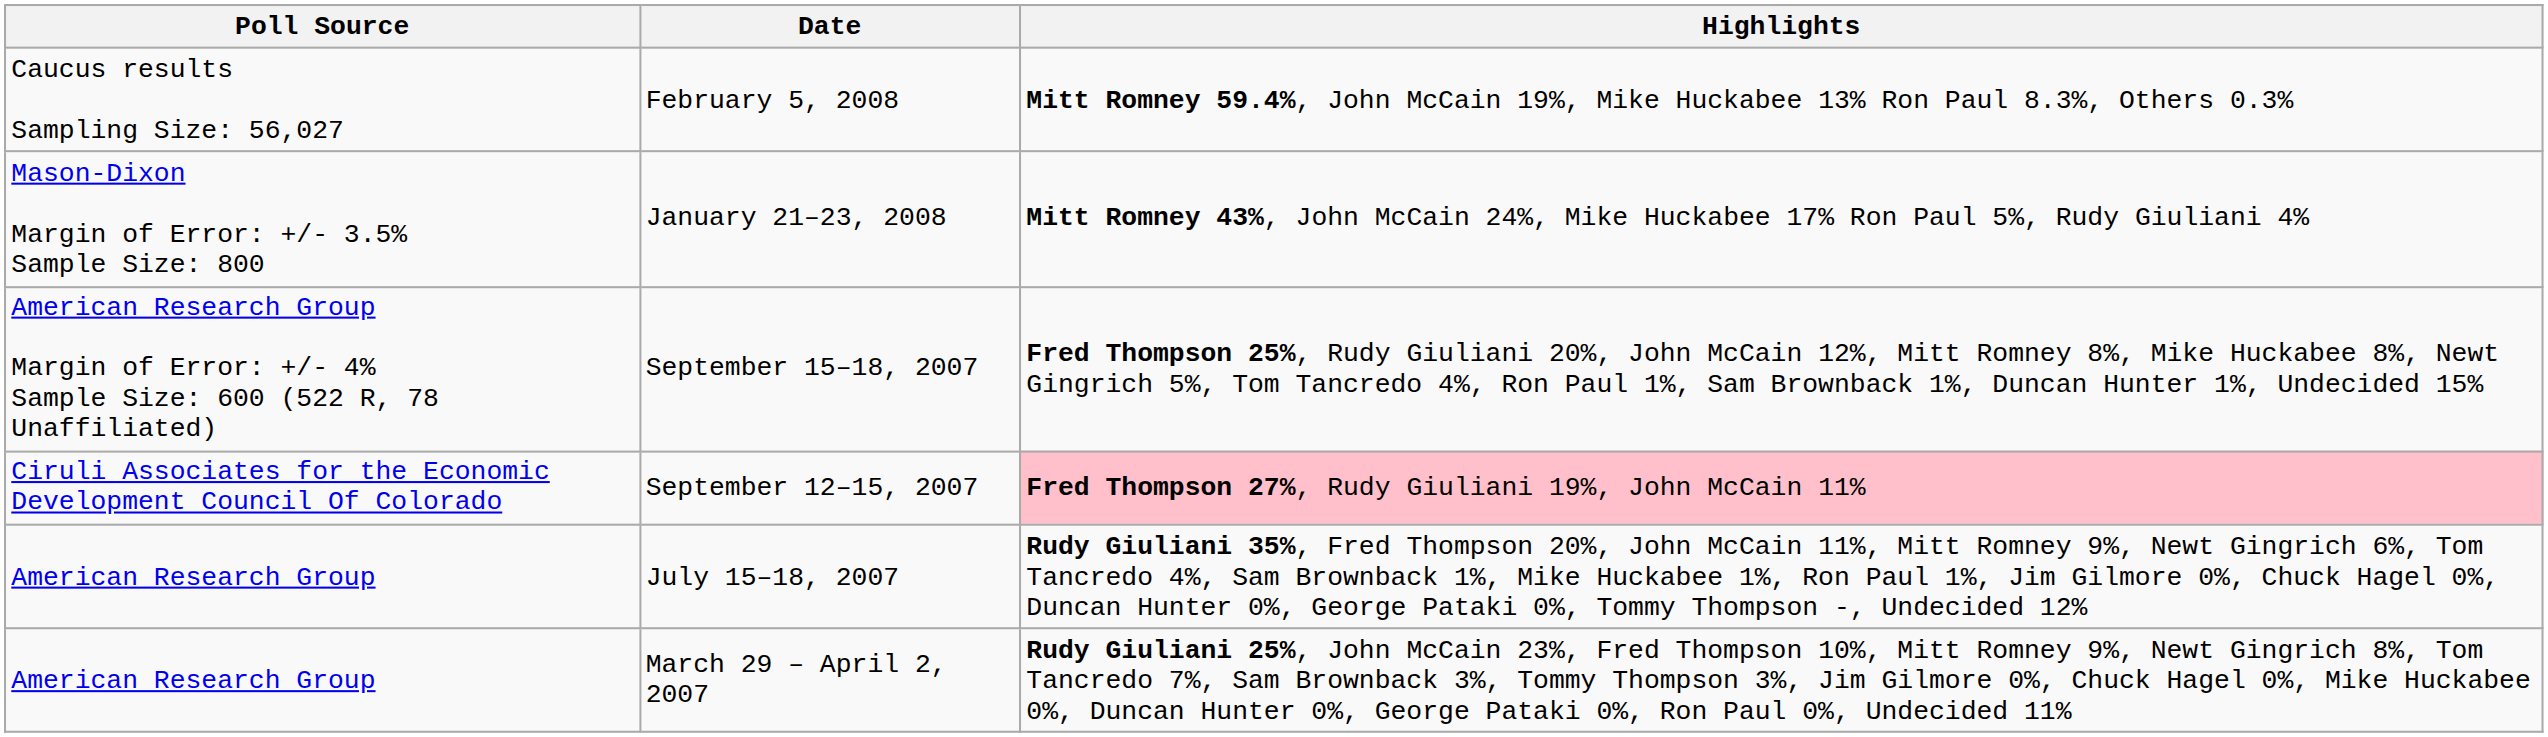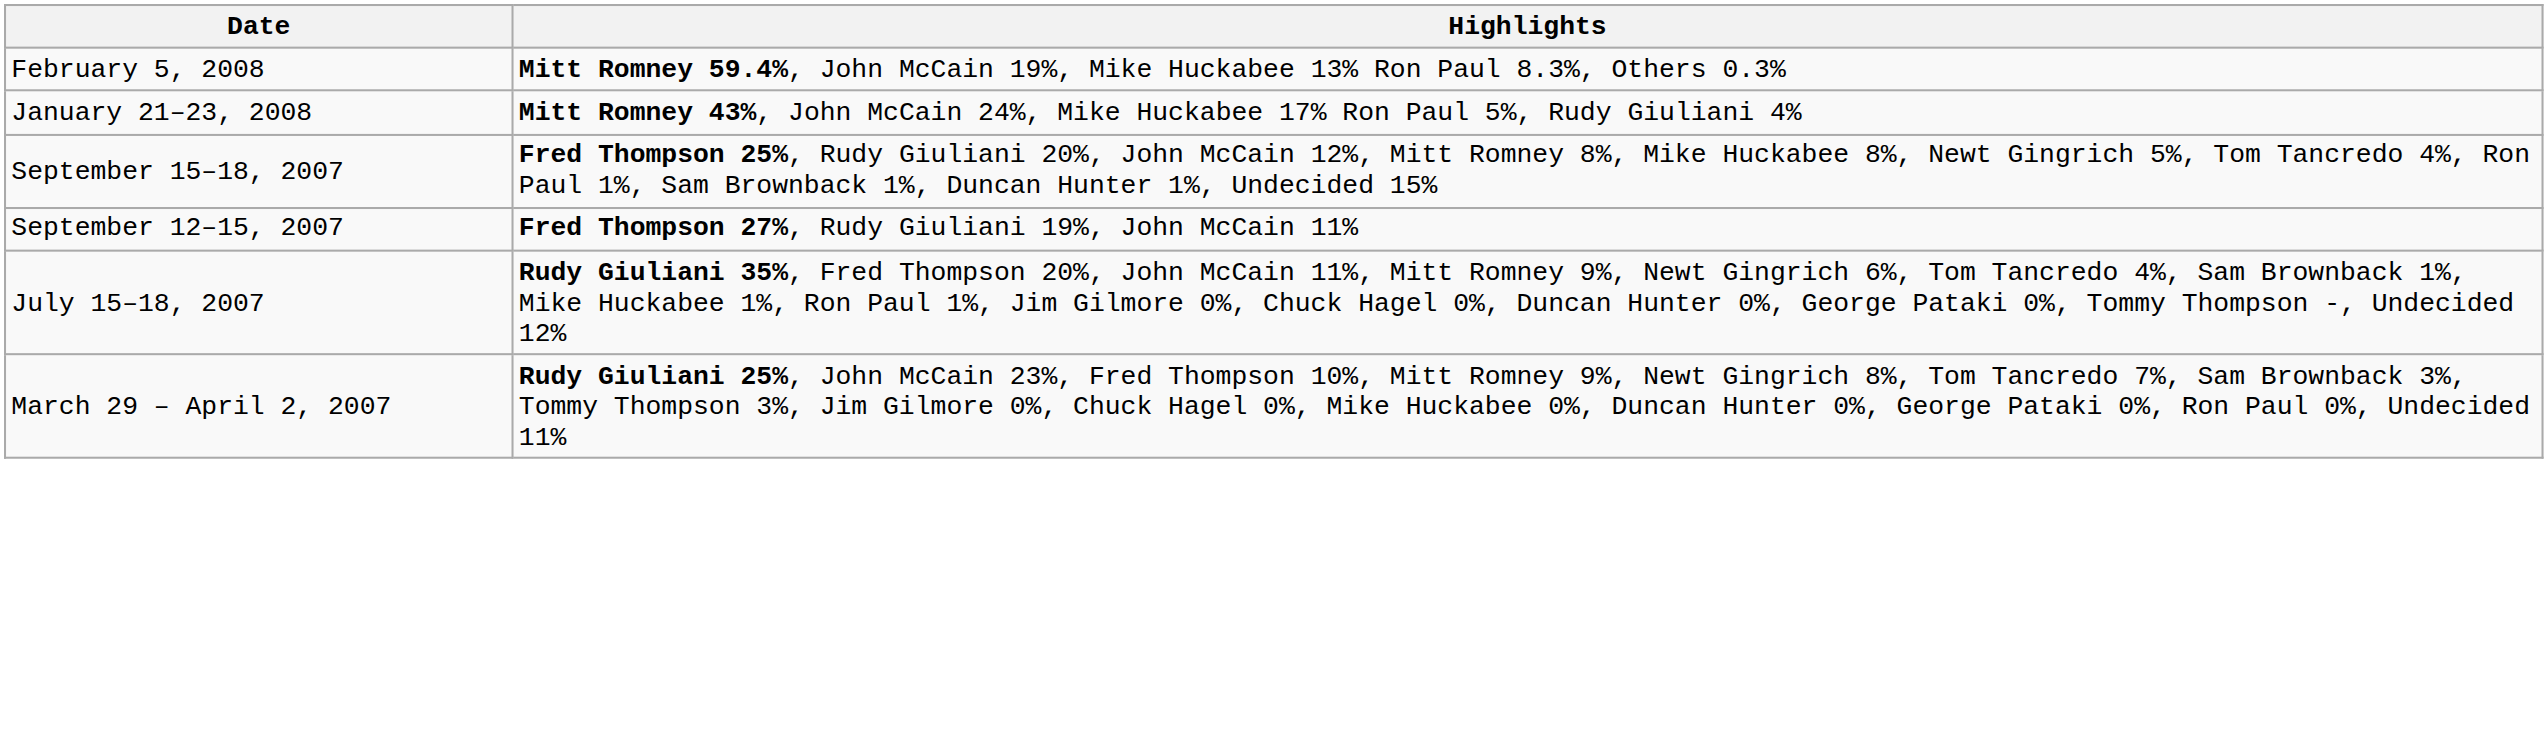 <table class="wikitable sortable">
 <tr>
-<th width="25%">Poll Source</th>
 <th width="15%">Date</th>
 <th width="60%">Highlights</th>
 </tr>
 <tr>
-<td>Caucus results<br><br>Sampling Size: 56,027<br></td>
 <td>February 5, 2008</td>
 <td><strong>Mitt Romney 59.4%</strong>, John McCain 19%, Mike Huckabee 13% Ron Paul 8.3%, Others 0.3%</td>
 </tr>
 <tr>
-<td><a href='#'>Mason-Dixon</a><br><br>Margin of Error: +/- 3.5%<br> Sample Size: 800</td>
 <td>January 21–23, 2008</td>
 <td><strong>Mitt Romney 43%</strong>, John McCain 24%, Mike Huckabee 17% Ron Paul 5%, Rudy Giuliani 4%</td>
 </tr>
 <tr>
-<td><a href='#'>American Research Group</a><br><br>Margin of Error: +/- 4%<br> Sample Size: 600 (522 R, 78 Unaffiliated)</td>
 <td>September 15–18, 2007</td>
 <td><strong>Fred Thompson 25%</strong>, Rudy Giuliani 20%, John McCain 12%, Mitt Romney 8%, Mike Huckabee 8%, Newt Gingrich 5%, Tom Tancredo 4%, Ron Paul 1%, Sam Brownback 1%, Duncan Hunter 1%, Undecided 15%</td>
 </tr>
 <tr>
-<td><a href='#'>Ciruli Associates for the Economic Development Council Of Colorado</a></td>
 <td>September 12–15, 2007</td>
-<td style="background: pink;"><strong>Fred Thompson 27%</strong>, Rudy Giuliani 19%, John McCain 11%</td>
+<td><strong>Fred Thompson 27%</strong>, Rudy Giuliani 19%, John McCain 11%</td>
 </tr>
 <tr>
-<td><a href='#'>American Research Group</a></td>
 <td>July 15–18, 2007</td>
 <td><strong>Rudy Giuliani 35%</strong>, Fred Thompson 20%, John McCain 11%, Mitt Romney 9%, Newt Gingrich 6%, Tom Tancredo 4%, Sam Brownback 1%, Mike Huckabee 1%, Ron Paul 1%, Jim Gilmore 0%, Chuck Hagel 0%, Duncan Hunter 0%,  George Pataki 0%, Tommy Thompson -, Undecided 12%</td>
 </tr>
 <tr>
-<td><a href='#'>American Research Group</a></td>
 <td>March 29 – April 2, 2007</td>
 <td><strong>Rudy Giuliani 25%</strong>, John McCain 23%, Fred Thompson 10%, Mitt Romney 9%, Newt Gingrich 8%, Tom Tancredo 7%, Sam Brownback 3%, Tommy Thompson 3%, Jim Gilmore 0%, Chuck Hagel 0%, Mike Huckabee 0%, Duncan Hunter 0%,  George Pataki 0%, Ron Paul 0%, Undecided 11%</td>
 </tr>
 </table>
